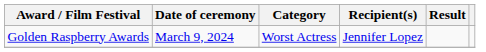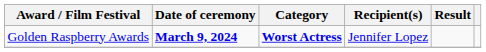 <table class="wikitable sortable plainrowheaders">
 <tr>
 <th scope="col">Award / Film Festival</th>
 <th scope="col">Date of ceremony</th>
 <th scope="col">Category</th>
 <th scope="col">Recipient(s)</th>
 <th scope="col">Result</th>
 <th class="unsortable" scope="col"></th>
 </tr>
 <tr>
 <td><a href='#'>Golden Raspberry Awards</a></td>
-<td><a href='#'>March 9, 2024</a></td>
-<td><a href='#'>Worst Actress</a></td>
+<td><strong><a href='#'>March 9, 2024</a></strong></td>
+<td><strong><a href='#'>Worst Actress</a></strong></td>
 <td><a href='#'>Jennifer Lopez</a></td>
 <td></td>
 <td></td>
 </tr>
 <tr>
 </tr>
 </table>
